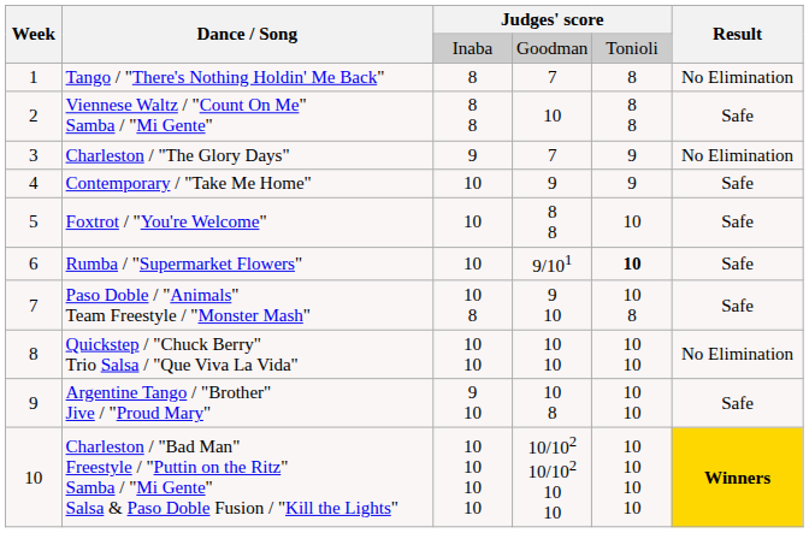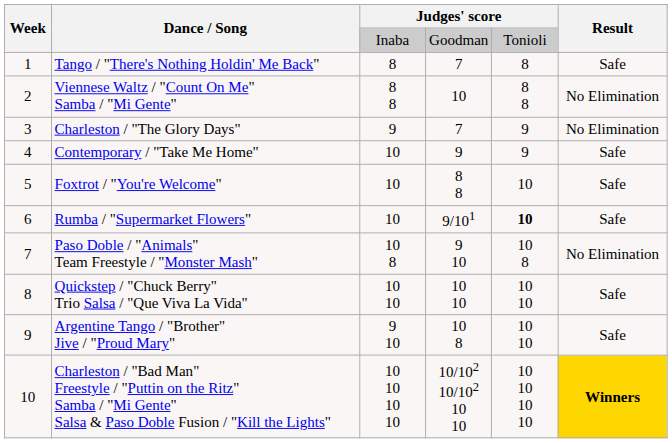 <table class="wikitable" style="text-align:center;">
 <tr style="text-align:center;">
 <th rowspan="2" bgcolor="#CCCCCC" align="Center">Week</th>
 <th rowspan="2" bgcolor="#CCCCCC" align="Center">Dance / Song</th>
 <th colspan="3" bgcolor="#CCCCCC" align="Center">Judges' score</th>
 <th rowspan="2" bgcolor="#CCCCCC" align="Center">Result</th>
 </tr>
 <tr>
 <td bgcolor="#CCCCCC" width="10%" align="center">Inaba</td>
 <td bgcolor="#CCCCCC" width="10%" align="center">Goodman</td>
 <td bgcolor="#CCCCCC" width="10%" align="center">Tonioli</td>
 </tr>
 <tr>
 <td bgcolor="#FAF6F6">1</td>
 <td align="left" bgcolor="#FAF6F6"><a href='#'>Tango</a> / "<a href='#'>There's Nothing Holdin' Me Back</a>"</td>
 <td bgcolor="#FAF6F6">8</td>
 <td bgcolor="#FAF6F6">7</td>
 <td bgcolor="#FAF6F6">8</td>
-<td bgcolor="#FAF6F6">No Elimination</td>
+<td bgcolor="#FAF6F6">Safe</td>
 </tr>
 <tr>
 <td bgcolor="#FAF6F6">2</td>
 <td align="left" bgcolor="#FAF6F6"><a href='#'>Viennese Waltz</a> / "<a href='#'>Count On Me</a>"<br><a href='#'>Samba</a> / "<a href='#'>Mi Gente</a>"</td>
 <td bgcolor="#FAF6F6">8<br>8</td>
 <td bgcolor="#FAF6F6">10</td>
 <td bgcolor="#FAF6F6">8<br>8</td>
-<td bgcolor="#FAF6F6">Safe</td>
+<td bgcolor="#FAF6F6">No Elimination</td>
 </tr>
 <tr>
 <td bgcolor="FAF6F6">3</td>
 <td align="left" bgcolor="#FAF6F6"><a href='#'>Charleston</a> / "The Glory Days"</td>
 <td bgcolor="#FAF6F6">9</td>
 <td bgcolor="#FAF6F6">7</td>
 <td bgcolor="#FAF6F6">9</td>
 <td bgcolor="#FAF6F6">No Elimination</td>
 </tr>
 <tr>
 <td bgcolor="FAF6F6">4</td>
 <td align="left" bgcolor="#FAF6F6"><a href='#'>Contemporary</a> / "Take Me Home"</td>
 <td bgcolor="#FAF6F6">10</td>
 <td bgcolor="#FAF6F6">9</td>
 <td bgcolor="#FAF6F6">9</td>
 <td bgcolor="#FAF6F6">Safe</td>
 </tr>
 <tr>
 <td bgcolor="FAF6F6">5</td>
 <td align="left" bgcolor="#FAF6F6"><a href='#'>Foxtrot</a> / "<a href='#'>You're Welcome</a>"</td>
 <td bgcolor="#FAF6F6">10</td>
 <td bgcolor="#FAF6F6">8<br>8</td>
 <td bgcolor="#FAF6F6">10</td>
 <td bgcolor="#FAF6F6">Safe</td>
 </tr>
 <tr>
 <td bgcolor="FAF6F6">6</td>
 <td align="left" bgcolor="#FAF6F6"><a href='#'>Rumba</a> / "<a href='#'>Supermarket Flowers</a>"</td>
 <td bgcolor="#FAF6F6">10</td>
 <td bgcolor="#FAF6F6">9/10<sup>1</sup></td>
 <td bgcolor="#FAF6F6"><strong>10</strong></td>
 <td bgcolor="#FAF6F6">Safe</td>
 </tr>
 <tr>
 <td bgcolor="#FAF6F6">7</td>
 <td align="left" bgcolor="#FAF6F6"><a href='#'>Paso Doble</a> / "<a href='#'>Animals</a>"<br>Team Freestyle / "<a href='#'>Monster Mash</a>"</td>
 <td bgcolor="#FAF6F6">10<br>8</td>
 <td bgcolor="#FAF6F6">9<br>10</td>
 <td bgcolor="#FAF6F6">10<br>8</td>
-<td bgcolor="#FAF6F6">Safe</td>
+<td bgcolor="#FAF6F6">No Elimination</td>
 </tr>
 <tr>
 <td bgcolor="#FAF6F6">8</td>
 <td align="left" bgcolor="#FAF6F6"><a href='#'>Quickstep</a> / "Chuck Berry"<br>Trio <a href='#'>Salsa</a> / "Que Viva La Vida"</td>
 <td bgcolor="#FAF6F6">10<br>10</td>
 <td bgcolor="#FAF6F6">10<br>10</td>
 <td bgcolor="#FAF6F6">10<br>10</td>
-<td bgcolor="#FAF6F6">No Elimination</td>
+<td bgcolor="#FAF6F6">Safe</td>
 </tr>
 <tr>
 <td bgcolor="FAF6F6">9</td>
 <td align="left" bgcolor="#FAF6F6"><a href='#'>Argentine Tango</a> / "Brother"<br><a href='#'>Jive</a> / "<a href='#'>Proud Mary</a>"</td>
 <td bgcolor="#FAF6F6">9<br>10</td>
 <td bgcolor="#FAF6F6">10<br>8</td>
 <td bgcolor="#FAF6F6">10<br>10</td>
 <td bgcolor="#FAF6F6">Safe</td>
 </tr>
 <tr>
 <td bgcolor="FAF6F6">10</td>
 <td align="left" bgcolor="#FAF6F6"><a href='#'>Charleston</a> / "Bad Man"<br><a href='#'>Freestyle</a> / "<a href='#'>Puttin on the Ritz</a>"<br><a href='#'>Samba</a> / "<a href='#'>Mi Gente</a>"<br><a href='#'>Salsa</a> & <a href='#'>Paso Doble</a> Fusion / "<a href='#'>Kill the Lights</a>"</td>
 <td bgcolor="#FAF6F6">10<br>10<br>10<br>10</td>
 <td bgcolor="#FAF6F6">10/10<sup>2</sup><br>10/10<sup>2</sup><br>10<br>10</td>
 <td bgcolor="#FAF6F6">10<br>10<br>10<br>10</td>
 <th style="background:gold;">Winners</th>
 </tr>
 </table>
